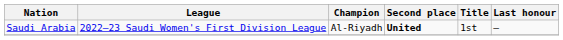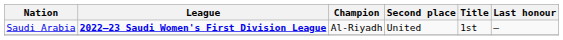 <table class=wikitable style="font-size:14px">
 <tr>
 <th>Nation</th>
 <th>League</th>
 <th>Champion</th>
 <th>Second place</th>
 <th data-sort-type="number">Title</th>
 <th>Last honour</th>
 </tr>
 <tr>
 <td align=left> <a href='#'>Saudi Arabia</a></td>
-<td align=left><a href='#'>2022–23 Saudi Women's First Division League</a></td>
+<td align=left><strong><a href='#'>2022–23 Saudi Women's First Division League</a></strong></td>
 <td>Al-Riyadh</td>
-<td><strong>United</strong></td>
+<td>United</td>
 <td>1st</td>
 <td>—</td>
 </tr>
 <tr>
 </tr>
 </table>
